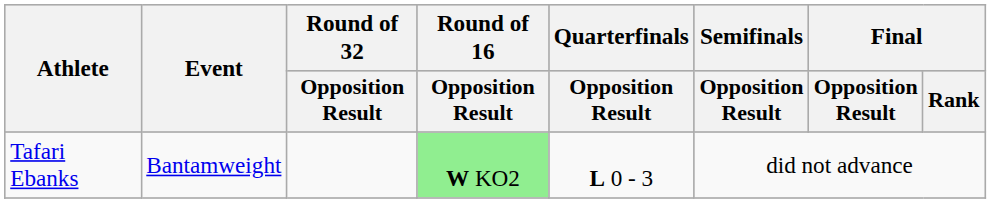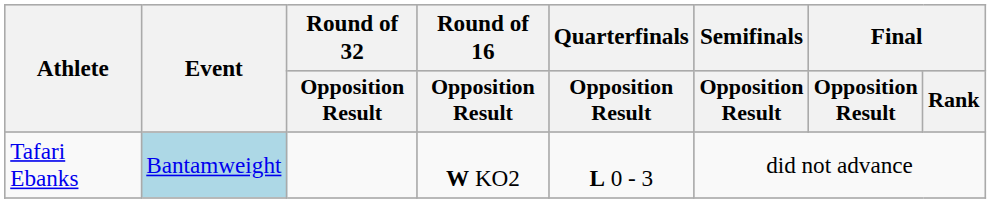 <table class="wikitable" style="font-size:90%">
 <tr>
 <th rowspan=2>Athlete</th>
 <th rowspan=2>Event</th>
 <th>Round of 32</th>
 <th>Round of 16</th>
 <th>Quarterfinals</th>
 <th>Semifinals</th>
 <th colspan=2>Final</th>
 </tr>
 <tr style="font-size:95%">
 <th>Opposition<br>Result</th>
 <th>Opposition<br>Result</th>
 <th>Opposition<br>Result</th>
 <th>Opposition<br>Result</th>
 <th>Opposition<br>Result</th>
 <th>Rank</th>
 </tr>
 <tr align=center>
 <td align=left><a href='#'>Tafari Ebanks</a></td>
-<td align=left><a href='#'>Bantamweight</a></td>
+<td align=left style="background: lightblue;"><a href='#'>Bantamweight</a></td>
 <td></td>
-<td style="background: lightgreen;"><br><strong>W</strong> KO2</td>
+<td><br><strong>W</strong> KO2</td>
 <td><br><strong>L</strong> 0 - 3</td>
 <td colspan=3>did not advance</td>
 </tr>
 </table>
